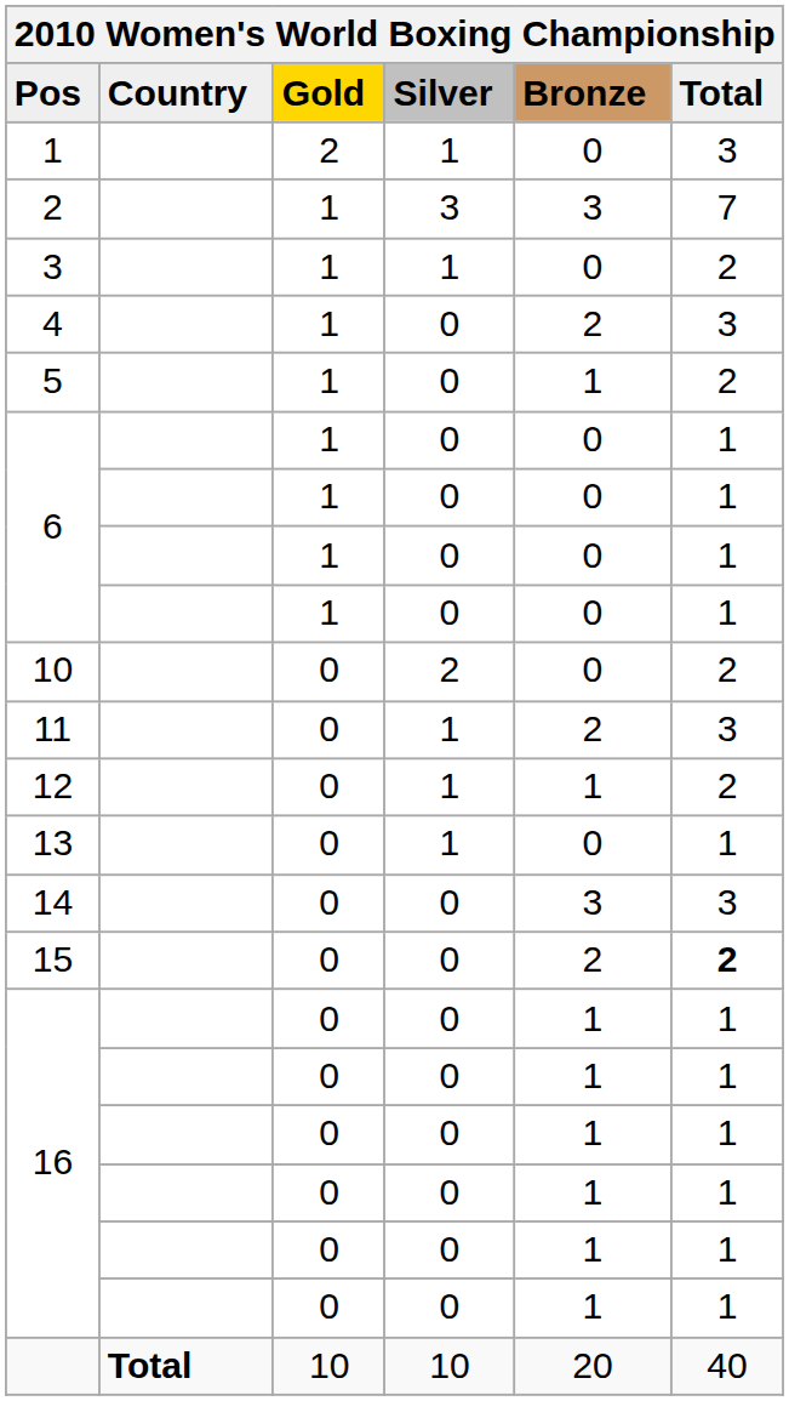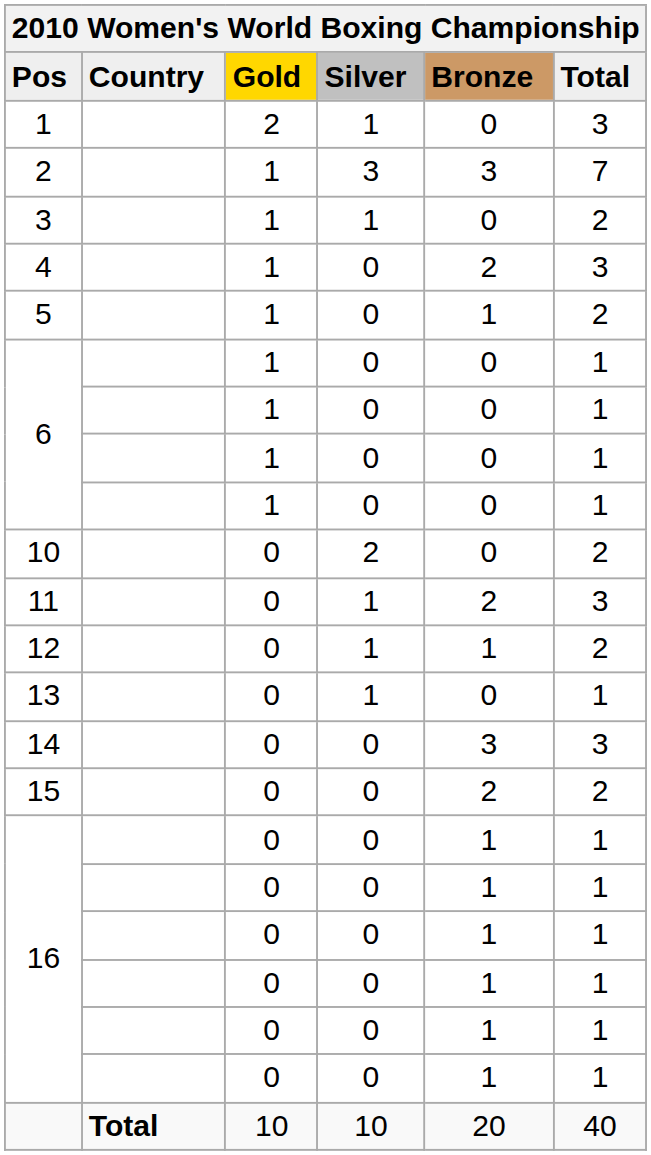 <table class="wikitable">
 <tr>
 <th colspan=7 style="border-right:0px;";><strong>2010 Women's World Boxing Championship</strong></th>
 </tr>
 <tr bgcolor="#efefef">
 <td><strong>Pos</strong></td>
 <td><strong>Country</strong></td>
 <td bgcolor="gold"><strong>Gold</strong></td>
 <td bgcolor="silver"><strong>Silver</strong></td>
 <td bgcolor="CC9966"><strong>Bronze</strong></td>
 <td><strong>Total</strong></td>
 </tr>
 <tr bgcolor="#FFFFFF" align="center">
 <td>1</td>
 <td align="left"></td>
 <td>2</td>
 <td>1</td>
 <td>0</td>
 <td>3</td>
 </tr>
 <tr bgcolor="#FFFFFF" align="center">
 <td>2</td>
 <td align="left"></td>
 <td>1</td>
 <td>3</td>
 <td>3</td>
 <td>7</td>
 </tr>
 <tr bgcolor="#FFFFFF" align="center">
 <td>3</td>
 <td align="left"></td>
 <td>1</td>
 <td>1</td>
 <td>0</td>
 <td>2</td>
 </tr>
 <tr bgcolor="#FFFFFF" align="center">
 <td>4</td>
 <td align="left"></td>
 <td>1</td>
 <td>0</td>
 <td>2</td>
 <td>3</td>
 </tr>
 <tr bgcolor="#FFFFFF" align="center">
 <td>5</td>
 <td align="left"></td>
 <td>1</td>
 <td>0</td>
 <td>1</td>
 <td>2</td>
 </tr>
 <tr bgcolor="#FFFFFF" align="center">
 <td rowspan=4>6</td>
 <td align="left"></td>
 <td>1</td>
 <td>0</td>
 <td>0</td>
 <td>1</td>
 </tr>
 <tr bgcolor="#FFFFFF" align="center">
 <td align="left"></td>
 <td>1</td>
 <td>0</td>
 <td>0</td>
 <td>1</td>
 </tr>
 <tr bgcolor="#FFFFFF" align="center">
 <td align="left"></td>
 <td>1</td>
 <td>0</td>
 <td>0</td>
 <td>1</td>
 </tr>
 <tr bgcolor="#FFFFFF" align="center">
 <td align="left"></td>
 <td>1</td>
 <td>0</td>
 <td>0</td>
 <td>1</td>
 </tr>
 <tr bgcolor="#FFFFFF" align="center">
 <td>10</td>
 <td align="left"></td>
 <td>0</td>
 <td>2</td>
 <td>0</td>
 <td>2</td>
 </tr>
 <tr bgcolor="#FFFFFF" align="center">
 <td>11</td>
 <td align="left"></td>
 <td>0</td>
 <td>1</td>
 <td>2</td>
 <td>3</td>
 </tr>
 <tr bgcolor="#FFFFFF" align="center">
 <td>12</td>
 <td align="left"></td>
 <td>0</td>
 <td>1</td>
 <td>1</td>
 <td>2</td>
 </tr>
 <tr bgcolor="#FFFFFF" align="center">
 <td>13</td>
 <td align="left"></td>
 <td>0</td>
 <td>1</td>
 <td>0</td>
 <td>1</td>
 </tr>
 <tr bgcolor="#FFFFFF" align="center">
 <td>14</td>
 <td align="left"></td>
 <td>0</td>
 <td>0</td>
 <td>3</td>
 <td>3</td>
 </tr>
 <tr bgcolor="#FFFFFF" align="center">
 <td>15</td>
 <td align="left"></td>
 <td>0</td>
 <td>0</td>
 <td>2</td>
-<td><strong>2</strong></td>
+<td>2</td>
 </tr>
 <tr bgcolor="#FFFFFF" align="center">
 <td rowspan=6>16</td>
 <td align="left"></td>
 <td>0</td>
 <td>0</td>
 <td>1</td>
 <td>1</td>
 </tr>
 <tr bgcolor="#FFFFFF" align="center">
 <td align="left"></td>
 <td>0</td>
 <td>0</td>
 <td>1</td>
 <td>1</td>
 </tr>
 <tr bgcolor="#FFFFFF" align="center">
 <td align="left"></td>
 <td>0</td>
 <td>0</td>
 <td>1</td>
 <td>1</td>
 </tr>
 <tr bgcolor="#FFFFFF" align="center">
 <td align="left"></td>
 <td>0</td>
 <td>0</td>
 <td>1</td>
 <td>1</td>
 </tr>
 <tr bgcolor="#FFFFFF" align="center">
 <td align="left"></td>
 <td>0</td>
 <td>0</td>
 <td>1</td>
 <td>1</td>
 </tr>
 <tr bgcolor="#FFFFFF" align="center">
 <td align="left"></td>
 <td>0</td>
 <td>0</td>
 <td>1</td>
 <td>1</td>
 </tr>
 <tr>
 <td></td>
 <td><strong>Total</strong></td>
 <td align="center">10</td>
 <td align="center">10</td>
 <td align="center">20</td>
 <td align="center">40</td>
 </tr>
 </table>
